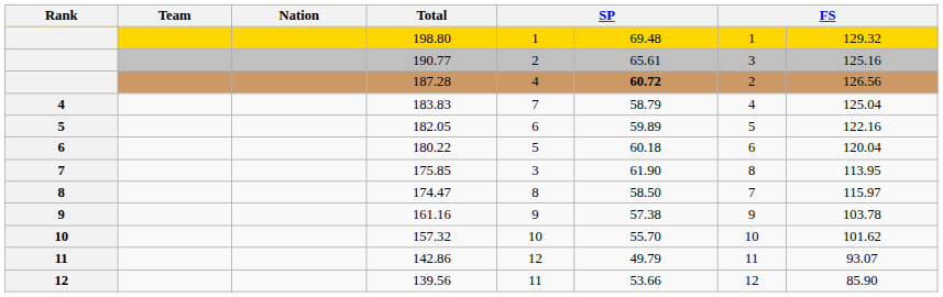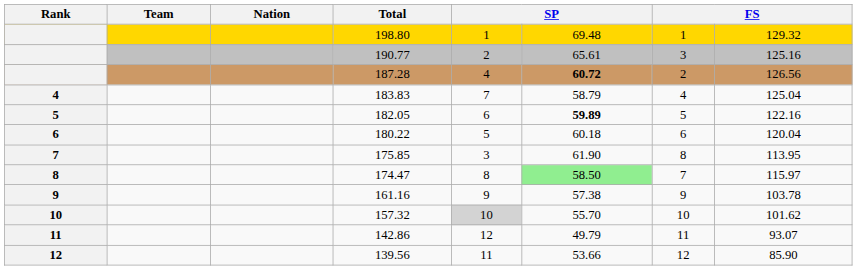 <table class="wikitable sortable" style="text-align:center; width:85%">
 <tr>
 <th scope="col">Rank</th>
 <th scope="col">Team</th>
 <th scope="col">Nation</th>
 <th scope="col">Total</th>
 <th scope="col" colspan="2" width="80px"><a href='#'>SP</a></th>
 <th scope="col" colspan="2" width="80px"><a href='#'>FS</a></th>
 </tr>
 <tr bgcolor="gold">
 <th scope="row"></th>
 <td align="left"></td>
 <td align="left"></td>
 <td>198.80</td>
 <td>1</td>
 <td>69.48</td>
 <td>1</td>
 <td>129.32</td>
 </tr>
 <tr bgcolor="silver">
 <th scope="row"></th>
 <td align="left"></td>
 <td align="left"></td>
 <td>190.77</td>
 <td>2</td>
 <td>65.61</td>
 <td>3</td>
 <td>125.16</td>
 </tr>
 <tr bgcolor="#cc9966">
 <th scope="row"></th>
 <td align="left"></td>
 <td align="left"></td>
 <td>187.28</td>
 <td>4</td>
 <td><strong>60.72</strong></td>
 <td>2</td>
 <td>126.56</td>
 </tr>
 <tr>
 <th scope="row">4</th>
 <td align="left"></td>
 <td align="left"></td>
 <td>183.83</td>
 <td>7</td>
 <td>58.79</td>
 <td>4</td>
 <td>125.04</td>
 </tr>
 <tr>
 <th scope="row">5</th>
 <td align="left"></td>
 <td align="left"></td>
 <td>182.05</td>
 <td>6</td>
-<td>59.89</td>
+<td><strong>59.89</strong></td>
 <td>5</td>
 <td>122.16</td>
 </tr>
 <tr>
 <th scope="row">6</th>
 <td align="left"></td>
 <td align="left"></td>
 <td>180.22</td>
 <td>5</td>
 <td>60.18</td>
 <td>6</td>
 <td>120.04</td>
 </tr>
 <tr>
 <th scope="row">7</th>
 <td align="left"></td>
 <td align="left"></td>
 <td>175.85</td>
 <td>3</td>
 <td>61.90</td>
 <td>8</td>
 <td>113.95</td>
 </tr>
 <tr>
 <th scope="row">8</th>
 <td align="left"></td>
 <td align="left"></td>
 <td>174.47</td>
 <td>8</td>
-<td>58.50</td>
+<td style="background: lightgreen;">58.50</td>
 <td>7</td>
 <td>115.97</td>
 </tr>
 <tr>
 <th scope="row">9</th>
 <td align="left"></td>
 <td align="left"></td>
 <td>161.16</td>
 <td>9</td>
 <td>57.38</td>
 <td>9</td>
 <td>103.78</td>
 </tr>
 <tr>
 <th scope="row">10</th>
 <td align="left"></td>
 <td align="left"></td>
 <td>157.32</td>
-<td>10</td>
+<td style="background: lightgrey;">10</td>
 <td>55.70</td>
 <td>10</td>
 <td>101.62</td>
 </tr>
 <tr>
 <th scope="row">11</th>
 <td align="left"></td>
 <td align="left"></td>
 <td>142.86</td>
 <td>12</td>
 <td>49.79</td>
 <td>11</td>
 <td>93.07</td>
 </tr>
 <tr>
 <th scope="row">12</th>
 <td align="left"></td>
 <td align="left"></td>
 <td>139.56</td>
 <td>11</td>
 <td>53.66</td>
 <td>12</td>
 <td>85.90</td>
 </tr>
 </table>
